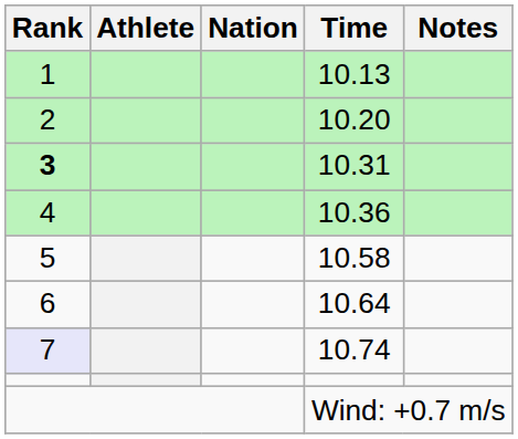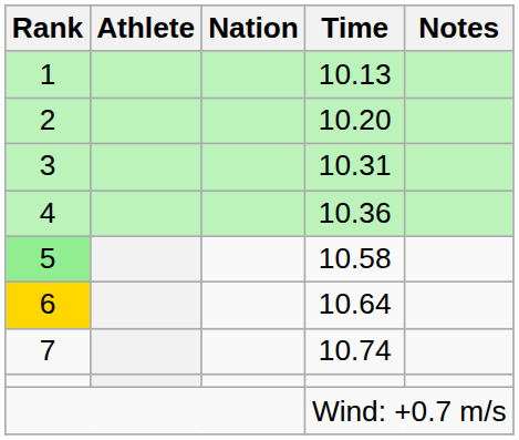 <table class="wikitable plainrowheaders sortable" style="text-align:center;">
 <tr>
 <th scope=col>Rank</th>
 <th scope=col>Athlete</th>
 <th scope=col>Nation</th>
 <th scope=col>Time</th>
 <th scope=col>Notes</th>
 </tr>
 <tr bgcolor=#bbf3bb>
 <td>1</td>
 <th scope=row style="background:#bbf3bb; text-align:left;"></th>
 <td align=left></td>
 <td>10.13</td>
 <td></td>
 </tr>
 <tr bgcolor=#bbf3bb>
 <td>2</td>
 <th scope=row style="background:#bbf3bb; text-align:left;"></th>
 <td align=left></td>
 <td>10.20</td>
 <td></td>
 </tr>
 <tr bgcolor=#bbf3bb>
-<td><strong>3</strong></td>
+<td>3</td>
 <th scope=row style="background:#bbf3bb; text-align:left;"></th>
 <td align=left></td>
 <td>10.31</td>
 <td></td>
 </tr>
 <tr bgcolor=#bbf3bb>
 <td>4</td>
 <th scope=row style="background:#bbf3bb; text-align:left;"></th>
 <td align=left></td>
 <td>10.36</td>
 <td></td>
 </tr>
 <tr>
-<td>5</td>
+<td style="background: lightgreen;">5</td>
 <th scope=row style=text-align:left;></th>
 <td align=left></td>
 <td>10.58</td>
 <td></td>
 </tr>
 <tr>
-<td>6</td>
+<td style="background: gold;">6</td>
 <th scope=row style=text-align:left;></th>
 <td align=left></td>
 <td>10.64</td>
 <td></td>
 </tr>
 <tr>
-<td style="background: lavender;">7</td>
+<td>7</td>
 <th scope=row style=text-align:left;></th>
 <td align=left></td>
 <td>10.74</td>
 <td></td>
 </tr>
 <tr>
 <td></td>
 <th scope=row style=text-align:left;></th>
 <td align=left></td>
 <td></td>
 <td></td>
 </tr>
 <tr class=sortbottom>
 <td colspan=3></td>
 <td colspan=2 style=text-align:left;>Wind: +0.7 m/s</td>
 </tr>
 </table>
